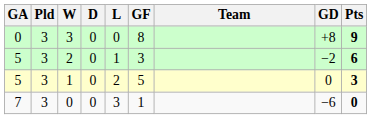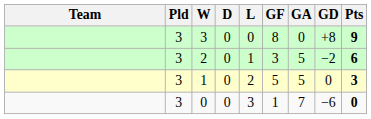 <table class="wikitable" style="text-align:center;">
 <tr>
-<th width=20>GA</th>
+<th width=180>Team</th>
 <th width=20>Pld</th>
 <th width=20>W</th>
 <th width=20>D</th>
 <th width=20>L</th>
 <th width=20>GF</th>
-<th width=180>Team</th>
+<th width=20>GA</th>
 <th width=20>GD</th>
 <th width=20>Pts</th>
 </tr>
 <tr bgcolor="ccffcc">
-<td>0</td>
+<td align="left"></td>
 <td>3</td>
 <td>3</td>
 <td>0</td>
 <td>0</td>
 <td>8</td>
-<td align="left"></td>
+<td>0</td>
 <td>+8</td>
 <td><strong>9</strong></td>
 </tr>
 <tr bgcolor="ccffcc">
-<td>5</td>
+<td align="left"></td>
 <td>3</td>
 <td>2</td>
 <td>0</td>
 <td>1</td>
 <td>3</td>
-<td align="left"></td>
+<td>5</td>
 <td>−2</td>
 <td><strong>6</strong></td>
 </tr>
 <tr bgcolor="ffffcc">
-<td>5</td>
+<td align="left"></td>
 <td>3</td>
 <td>1</td>
 <td>0</td>
 <td>2</td>
 <td>5</td>
-<td align="left"></td>
+<td>5</td>
 <td>0</td>
 <td><strong>3</strong></td>
 </tr>
 <tr>
-<td>7</td>
+<td align="left"><em></em></td>
 <td>3</td>
 <td>0</td>
 <td>0</td>
 <td>3</td>
 <td>1</td>
-<td align="left"><em></em></td>
+<td>7</td>
 <td>−6</td>
 <td><strong>0</strong></td>
 </tr>
 </table>
